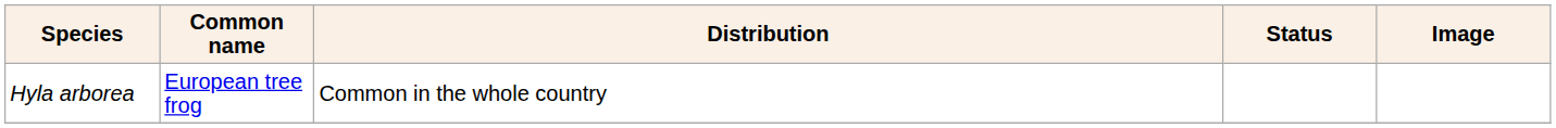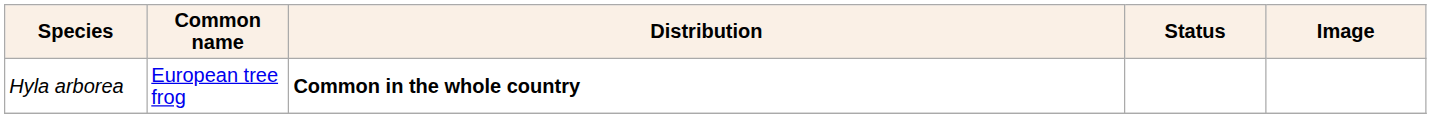 <table class="sortable wikitable plainrowheaders" border="0" style="background:#ffffff; width: 90%" align="top" class="sortable wikitable">
 <tr ->
 <th scope="col" style="background-color:Linen; color:Black; width:10%">Species</th>
 <th scope="col" style="background-color:Linen; color:Black; width:10%">Common name</th>
 <th scope="col" style="background:Linen; color:Black">Distribution</th>
 <th scope="col" style="background-color:Linen; color:Black; width:10%">Status</th>
 <th scope="col" style="background:Linen; color:Black; width:120px">Image</th>
 </tr>
 <tr>
 <td !scope="row" style="background:#ffffff"><em>Hyla arborea</em></td>
 <td><a href='#'>European tree frog</a></td>
-<td>Common in the whole country</td>
+<td><strong>Common in the whole country</strong></td>
 <td><div></div></td>
 <td></td>
 </tr>
 <tr>
 </tr>
 </table>
